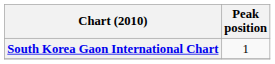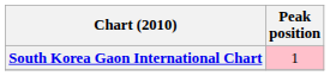 <table class="wikitable plainrowheaders" style="text-align:center;">
 <tr>
 <th scope="col">Chart (2010)</th>
 <th scope="col">Peak<br>position</th>
 </tr>
 <tr>
 <th scope="row"><a href='#'>South Korea Gaon International Chart</a></th>
-<td>1</td>
+<td style="background: pink;">1</td>
 </tr>
 <tr>
 </tr>
 </table>
